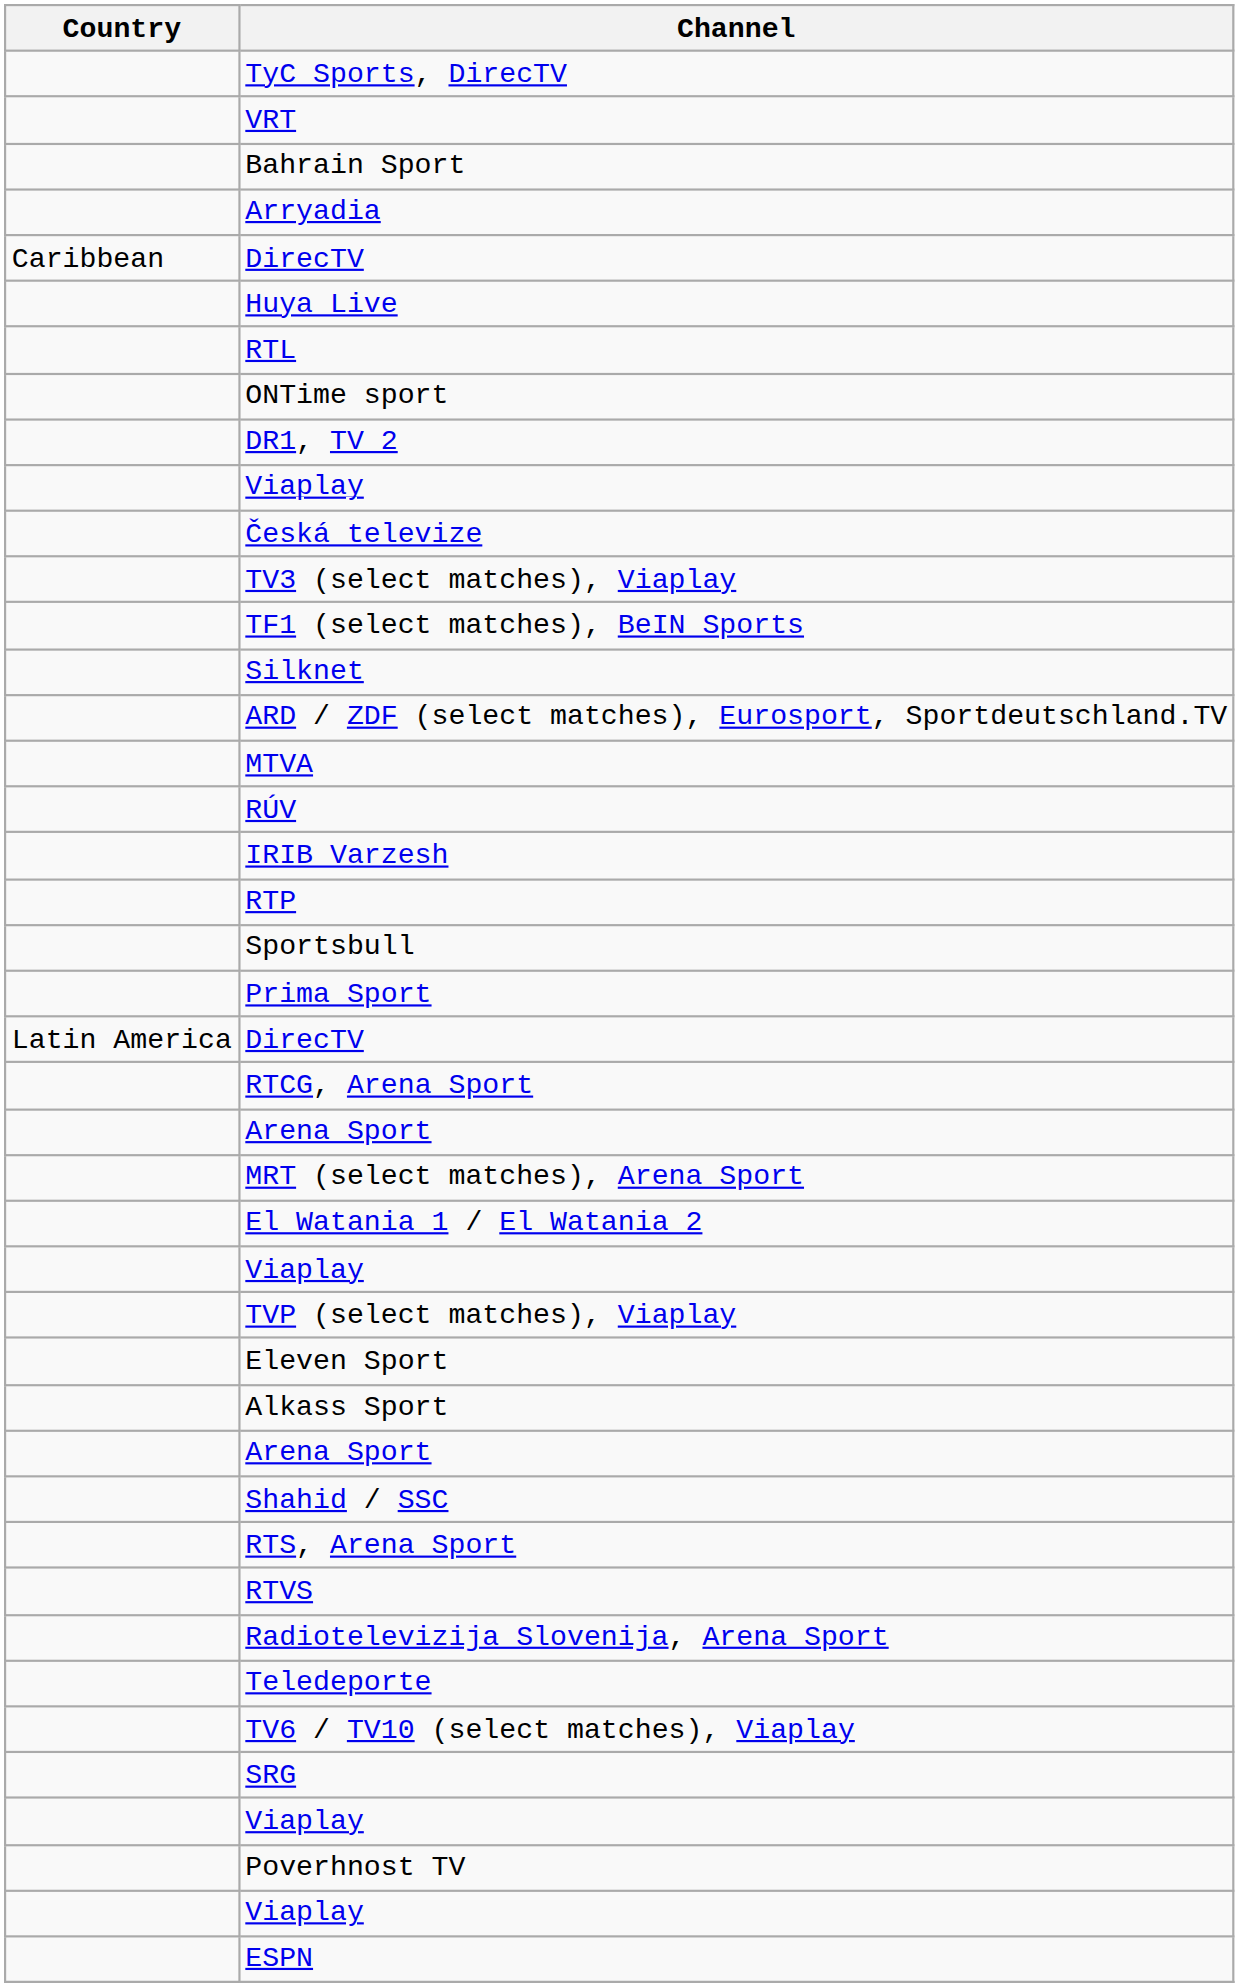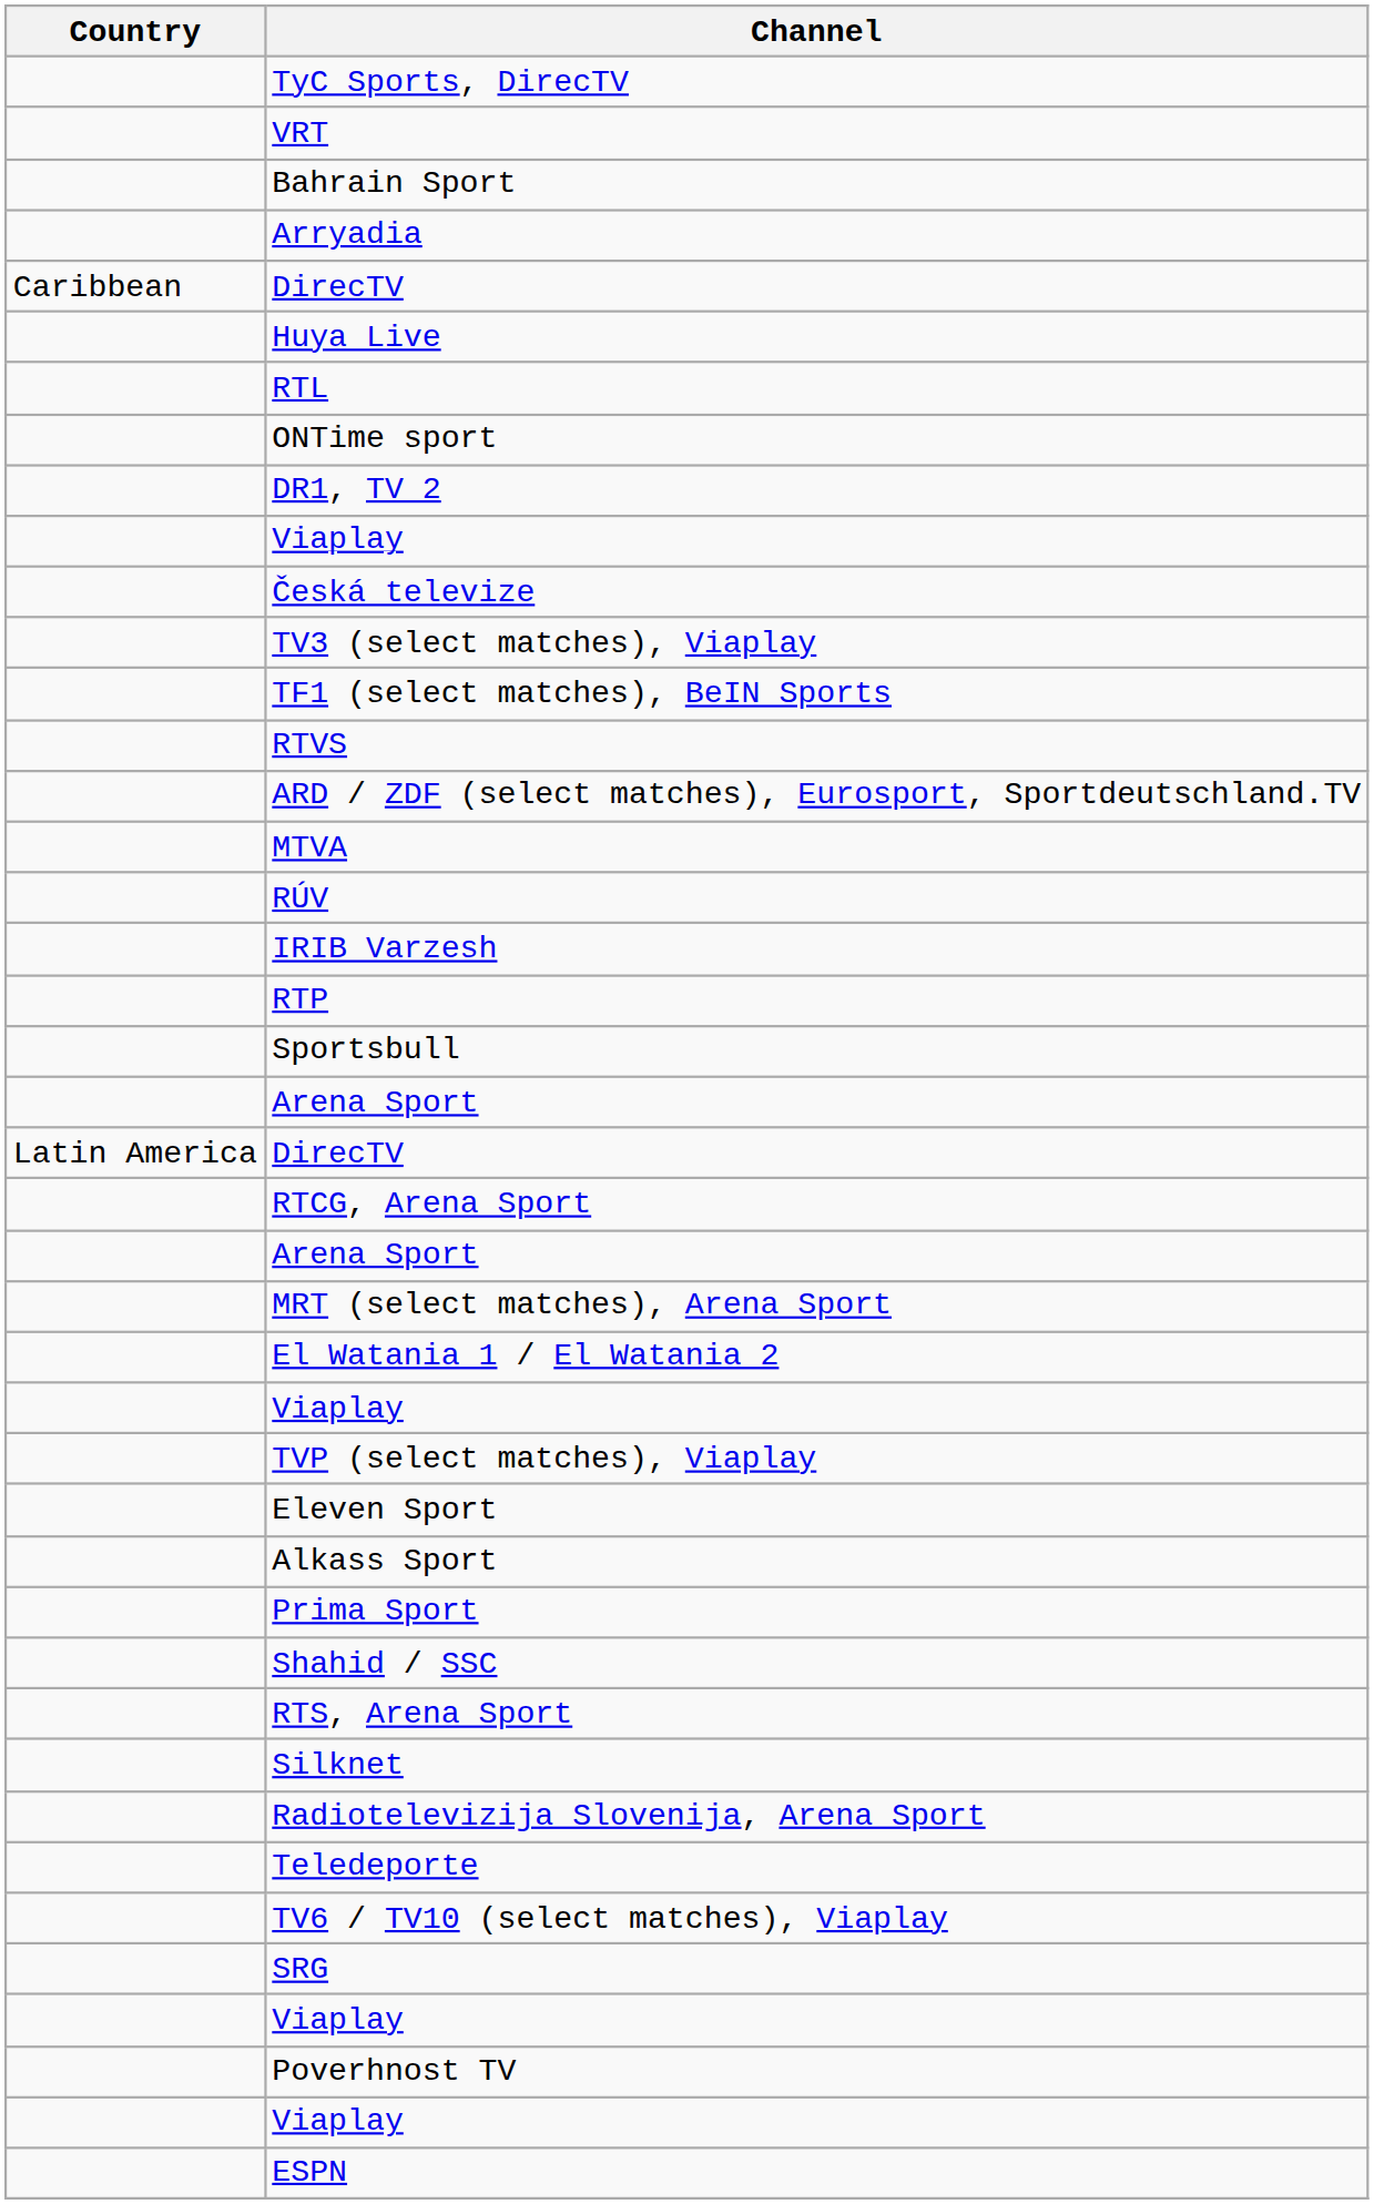 <table class="wikitable sortable">
 <tr>
 <th>Country</th>
 <th>Channel</th>
 </tr>
 <tr>
 <td></td>
 <td><a href='#'>TyC Sports</a>, <a href='#'>DirecTV</a></td>
 </tr>
 <tr>
 <td></td>
 <td><a href='#'>VRT</a></td>
 </tr>
 <tr>
 <td></td>
 <td>Bahrain Sport</td>
 </tr>
 <tr>
 <td></td>
 <td><a href='#'>Arryadia</a></td>
 </tr>
 <tr>
 <td>Caribbean</td>
 <td><a href='#'>DirecTV</a></td>
 </tr>
 <tr>
 <td></td>
 <td><a href='#'>Huya Live</a></td>
 </tr>
 <tr>
 <td></td>
 <td><a href='#'>RTL</a></td>
 </tr>
 <tr>
 <td></td>
 <td>ONTime sport</td>
 </tr>
 <tr>
 <td></td>
 <td><a href='#'>DR1</a>, <a href='#'>TV 2</a></td>
 </tr>
 <tr>
 <td></td>
 <td><a href='#'>Viaplay</a></td>
 </tr>
 <tr>
 <td></td>
 <td><a href='#'>Česká televize</a></td>
 </tr>
 <tr>
 <td></td>
 <td><a href='#'>TV3</a> (select matches), <a href='#'>Viaplay</a></td>
 </tr>
 <tr>
 <td></td>
 <td><a href='#'>TF1</a> (select matches), <a href='#'>BeIN Sports</a></td>
 </tr>
 <tr>
 <td></td>
-<td><a href='#'>Silknet</a></td>
+<td><a href='#'>RTVS</a></td>
 </tr>
 <tr>
 <td></td>
 <td><a href='#'>ARD</a> / <a href='#'>ZDF</a> (select matches), <a href='#'>Eurosport</a>, Sportdeutschland.TV</td>
 </tr>
 <tr>
 <td></td>
 <td><a href='#'>MTVA</a></td>
 </tr>
 <tr>
 <td></td>
 <td><a href='#'>RÚV</a></td>
 </tr>
 <tr>
 <td></td>
 <td><a href='#'>IRIB Varzesh</a></td>
 </tr>
 <tr>
 <td></td>
 <td><a href='#'>RTP</a></td>
 </tr>
 <tr>
 <td></td>
 <td>Sportsbull</td>
 </tr>
 <tr>
 <td></td>
-<td><a href='#'>Prima Sport</a></td>
+<td><a href='#'>Arena Sport</a></td>
 </tr>
 <tr>
 <td>Latin America</td>
 <td><a href='#'>DirecTV</a></td>
 </tr>
 <tr>
 <td></td>
 <td><a href='#'>RTCG</a>, <a href='#'>Arena Sport</a></td>
 </tr>
 <tr>
 <td></td>
 <td><a href='#'>Arena Sport</a></td>
 </tr>
 <tr>
 <td></td>
 <td><a href='#'>MRT</a> (select matches), <a href='#'>Arena Sport</a></td>
 </tr>
 <tr>
 <td></td>
 <td><a href='#'>El Watania 1</a> / <a href='#'>El Watania 2</a></td>
 </tr>
 <tr>
 <td></td>
 <td><a href='#'>Viaplay</a></td>
 </tr>
 <tr>
 <td></td>
 <td><a href='#'>TVP</a> (select matches), <a href='#'>Viaplay</a></td>
 </tr>
 <tr>
 <td></td>
 <td>Eleven Sport</td>
 </tr>
 <tr>
 <td></td>
 <td>Alkass Sport</td>
 </tr>
 <tr>
 <td></td>
-<td><a href='#'>Arena Sport</a></td>
+<td><a href='#'>Prima Sport</a></td>
 </tr>
 <tr>
 <td></td>
 <td><a href='#'>Shahid</a> / <a href='#'>SSC</a></td>
 </tr>
 <tr>
 <td></td>
 <td><a href='#'>RTS</a>, <a href='#'>Arena Sport</a></td>
 </tr>
 <tr>
 <td></td>
-<td><a href='#'>RTVS</a></td>
+<td><a href='#'>Silknet</a></td>
 </tr>
 <tr>
 <td></td>
 <td><a href='#'>Radiotelevizija Slovenija</a>, <a href='#'>Arena Sport</a></td>
 </tr>
 <tr>
 <td></td>
 <td><a href='#'>Teledeporte</a></td>
 </tr>
 <tr>
 <td></td>
 <td><a href='#'>TV6</a> / <a href='#'>TV10</a> (select matches), <a href='#'>Viaplay</a></td>
 </tr>
 <tr>
 <td></td>
 <td><a href='#'>SRG</a></td>
 </tr>
 <tr>
 <td></td>
 <td><a href='#'>Viaplay</a></td>
 </tr>
 <tr>
 <td></td>
 <td>Poverhnost TV</td>
 </tr>
 <tr>
 <td></td>
 <td><a href='#'>Viaplay</a></td>
 </tr>
 <tr>
 <td></td>
 <td><a href='#'>ESPN</a></td>
 </tr>
 <tr>
 </tr>
 </table>
